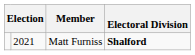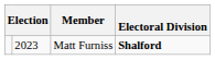 <table class="wikitable">
 <tr>
 <th colspan="2">Election</th>
 <th>Member</th>
 <th><br>Electoral Division</th>
 </tr>
 <tr>
 <td style="background-color: "></td>
-<td>2021</td>
+<td>2023</td>
 <td>Matt Furniss</td>
 <td><strong>Shalford</strong></td>
 </tr>
 </table>
